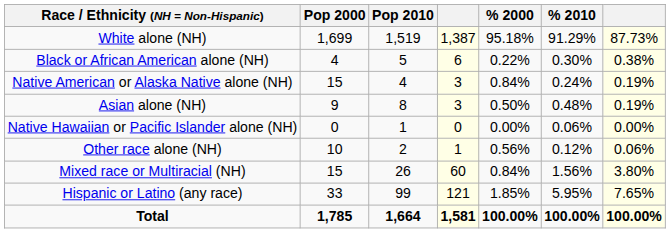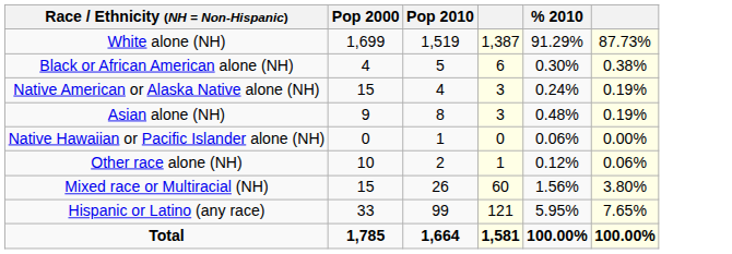 <table class="wikitable" style="text-align:center;">
 <tr>
 <th>Race / Ethnicity <small>(<em>NH = Non-Hispanic</em>)</small></th>
 <th>Pop 2000</th>
 <th>Pop 2010</th>
 <th></th>
-<th>% 2000</th>
 <th>% 2010</th>
 <th></th>
 </tr>
 <tr>
 <td><a href='#'>White</a> alone (NH)</td>
 <td>1,699</td>
 <td>1,519</td>
 <td style='background: #ffffe6;'>1,387</td>
-<td>95.18%</td>
 <td>91.29%</td>
 <td style='background: #ffffe6;'>87.73%</td>
 </tr>
 <tr>
 <td><a href='#'>Black or African American</a> alone (NH)</td>
 <td>4</td>
 <td>5</td>
 <td style='background: #ffffe6;'>6</td>
-<td>0.22%</td>
 <td>0.30%</td>
 <td style='background: #ffffe6;'>0.38%</td>
 </tr>
 <tr>
 <td><a href='#'>Native American</a> or <a href='#'>Alaska Native</a> alone (NH)</td>
 <td>15</td>
 <td>4</td>
 <td style='background: #ffffe6;'>3</td>
-<td>0.84%</td>
 <td>0.24%</td>
 <td style='background: #ffffe6;'>0.19%</td>
 </tr>
 <tr>
 <td><a href='#'>Asian</a> alone (NH)</td>
 <td>9</td>
 <td>8</td>
 <td style='background: #ffffe6;'>3</td>
-<td>0.50%</td>
 <td>0.48%</td>
 <td style='background: #ffffe6;'>0.19%</td>
 </tr>
 <tr>
 <td><a href='#'>Native Hawaiian</a> or <a href='#'>Pacific Islander</a> alone (NH)</td>
 <td>0</td>
 <td>1</td>
 <td style='background: #ffffe6;'>0</td>
-<td>0.00%</td>
 <td>0.06%</td>
 <td style='background: #ffffe6;'>0.00%</td>
 </tr>
 <tr>
 <td><a href='#'>Other race</a> alone (NH)</td>
 <td>10</td>
 <td>2</td>
 <td style='background: #ffffe6;'>1</td>
-<td>0.56%</td>
 <td>0.12%</td>
 <td style='background: #ffffe6;'>0.06%</td>
 </tr>
 <tr>
 <td><a href='#'>Mixed race or Multiracial</a> (NH)</td>
 <td>15</td>
 <td>26</td>
 <td style='background: #ffffe6;'>60</td>
-<td>0.84%</td>
 <td>1.56%</td>
 <td style='background: #ffffe6;'>3.80%</td>
 </tr>
 <tr>
 <td><a href='#'>Hispanic or Latino</a> (any race)</td>
 <td>33</td>
 <td>99</td>
 <td style='background: #ffffe6;'>121</td>
-<td>1.85%</td>
 <td>5.95%</td>
 <td style='background: #ffffe6;'>7.65%</td>
 </tr>
 <tr>
 <td><strong>Total</strong></td>
 <td><strong>1,785</strong></td>
 <td><strong>1,664</strong></td>
 <td style='background: #ffffe6;'><strong>1,581</strong></td>
 <td><strong>100.00%</strong></td>
-<td><strong>100.00%</strong></td>
 <td style='background: #ffffe6;'><strong>100.00%</strong></td>
 </tr>
 </table>
